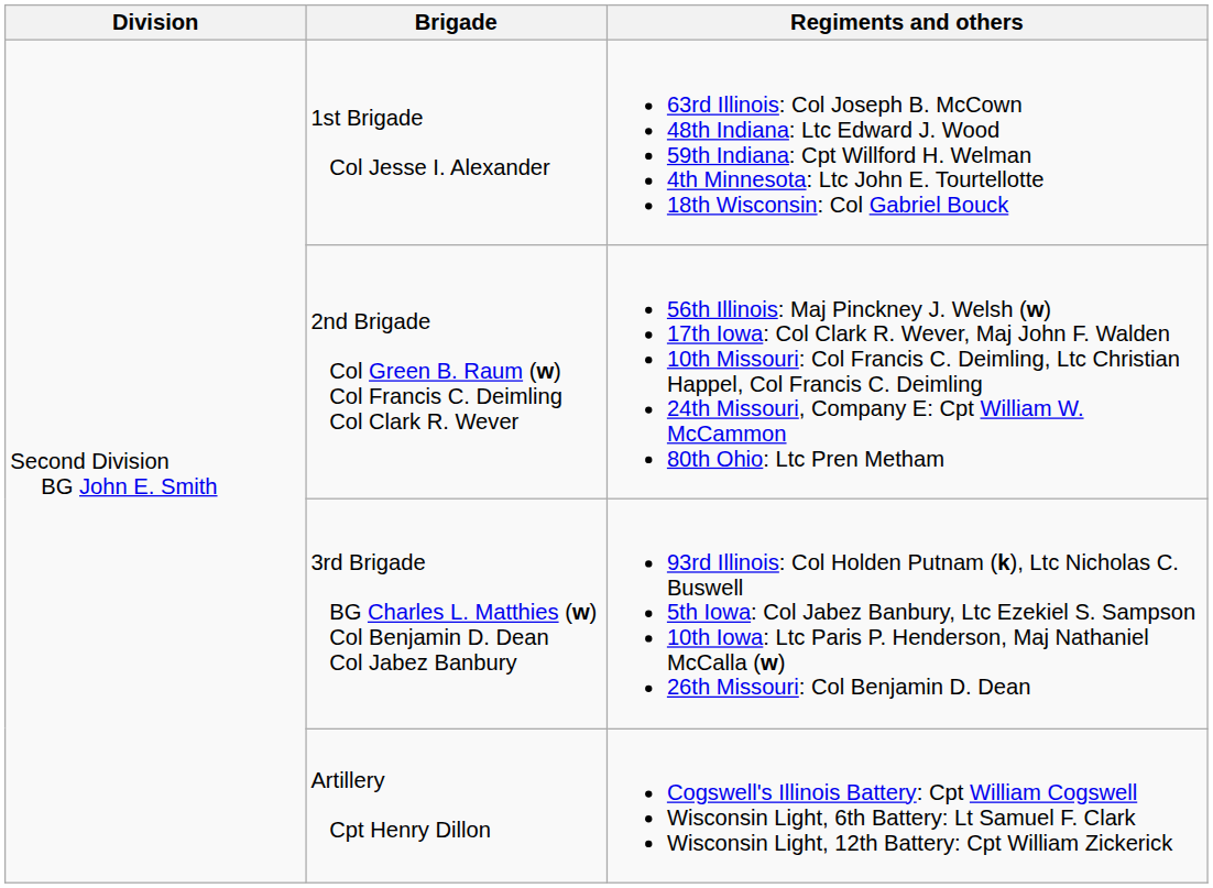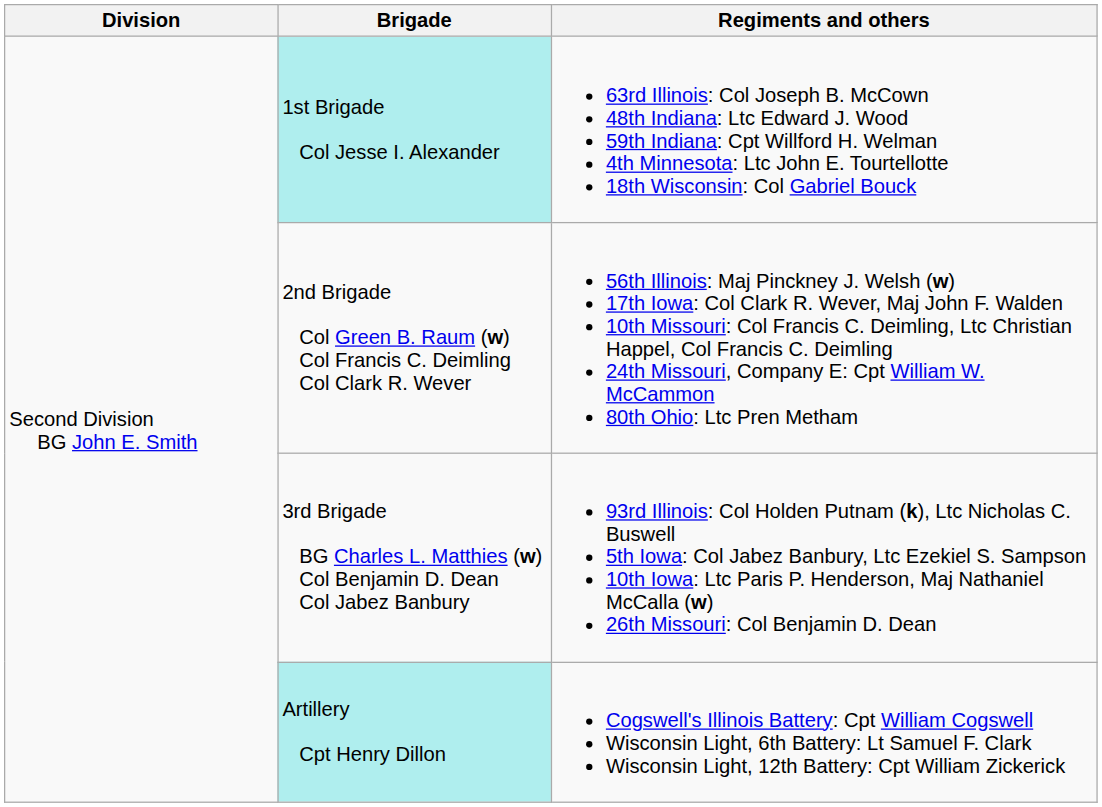 <table class="wikitable">
 <tr>
 <th width=25%>Division</th>
 <th width=25%>Brigade</th>
 <th>Regiments and others</th>
 </tr>
 <tr>
 <td rowspan=4><br>Second Division <br>     BG <a href='#'>John E. Smith</a></td>
-<td>1st Brigade<br><br>   Col Jesse I. Alexander</td>
+<td style="background: paleturquoise;">1st Brigade<br><br>   Col Jesse I. Alexander</td>
 <td><br><ul><li><a href='#'>63rd Illinois</a>: Col Joseph B. McCown</li><li><a href='#'>48th Indiana</a>: Ltc Edward J. Wood</li><li><a href='#'>59th Indiana</a>: Cpt Willford H. Welman</li><li><a href='#'>4th Minnesota</a>: Ltc John E. Tourtellotte</li><li><a href='#'>18th Wisconsin</a>: Col <a href='#'>Gabriel Bouck</a></li></ul></td>
 </tr>
 <tr>
 <td>2nd Brigade<br><br>   Col <a href='#'>Green B. Raum</a> (<strong>w</strong>) <br>   Col Francis C. Deimling <br>   Col Clark R. Wever</td>
 <td><br><ul><li><a href='#'>56th Illinois</a>: Maj Pinckney J. Welsh (<strong>w</strong>)</li><li><a href='#'>17th Iowa</a>: Col Clark R. Wever, Maj John F. Walden</li><li><a href='#'>10th Missouri</a>: Col Francis C. Deimling, Ltc Christian Happel, Col Francis C. Deimling</li><li><a href='#'>24th Missouri</a>, Company E: Cpt <a href='#'>William W. McCammon</a></li><li><a href='#'>80th Ohio</a>: Ltc Pren Metham</li></ul></td>
 </tr>
 <tr>
 <td>3rd Brigade<br><br>   BG <a href='#'>Charles L. Matthies</a> (<strong>w</strong>) <br>   Col Benjamin D. Dean <br>   Col Jabez Banbury</td>
 <td><br><ul><li><a href='#'>93rd Illinois</a>: Col Holden Putnam (<strong>k</strong>), Ltc Nicholas C. Buswell</li><li><a href='#'>5th Iowa</a>: Col Jabez Banbury, Ltc Ezekiel S. Sampson</li><li><a href='#'>10th Iowa</a>: Ltc Paris P. Henderson, Maj Nathaniel McCalla (<strong>w</strong>)</li><li><a href='#'>26th Missouri</a>: Col Benjamin D. Dean</li></ul></td>
 </tr>
 <tr>
-<td>Artillery<br><br>   Cpt Henry Dillon</td>
+<td style="background: paleturquoise;">Artillery<br><br>   Cpt Henry Dillon</td>
 <td><br><ul><li><a href='#'>Cogswell's Illinois Battery</a>: Cpt <a href='#'>William Cogswell</a></li><li>Wisconsin Light, 6th Battery: Lt Samuel F. Clark</li><li>Wisconsin Light, 12th Battery: Cpt William Zickerick</li></ul></td>
 </tr>
 </table>
